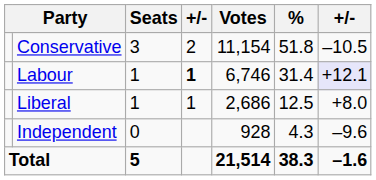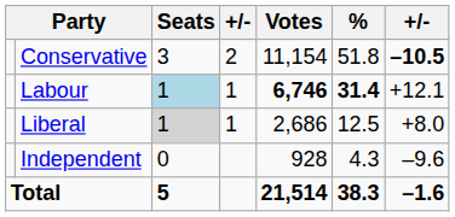 <table class="wikitable sortable">
 <tr>
 <th colspan="2">Party</th>
 <th>Seats</th>
 <th>+/-</th>
 <th>Votes</th>
 <th>%</th>
 <th>+/-</th>
 </tr>
 <tr>
 <td style="background-color: "></td>
 <td><a href='#'>Conservative</a></td>
 <td>3</td>
 <td> 2</td>
 <td style="text-align:right;">11,154</td>
 <td style="text-align:right;">51.8</td>
-<td style="text-align:right;">–10.5</td>
+<td style="text-align:right;"><strong>–10.5</strong></td>
 </tr>
 <tr>
 <td style="background-color: "></td>
 <td><a href='#'>Labour</a></td>
-<td>1</td>
-<td><strong> 1</strong></td>
-<td style="text-align:right;">6,746</td>
-<td style="text-align:right;">31.4</td>
-<td style="background: lavender; text-align:right;">+12.1</td>
+<td style="background: lightblue;">1</td>
+<td> 1</td>
+<td style="text-align:right;"><strong>6,746</strong></td>
+<td style="text-align:right;"><strong>31.4</strong></td>
+<td style="text-align:right;">+12.1</td>
 </tr>
 <tr>
 <td style="background-color: "></td>
 <td><a href='#'>Liberal</a></td>
-<td>1</td>
+<td style="background: lightgrey;">1</td>
 <td> 1</td>
 <td style="text-align:right;">2,686</td>
 <td style="text-align:right;">12.5</td>
 <td style="text-align:right;">+8.0</td>
 </tr>
 <tr>
 <td style="background-color: "></td>
 <td><a href='#'>Independent</a></td>
 <td>0</td>
 <td></td>
 <td style="text-align:right;">928</td>
 <td style="text-align:right;">4.3</td>
 <td style="text-align:right;">–9.6</td>
 </tr>
 <tr>
 <td colspan="2"><strong>Total</strong></td>
 <td><strong>5</strong></td>
 <td></td>
 <td style="text-align:right;"><strong>21,514</strong></td>
 <td style="text-align:right;"><strong>38.3</strong></td>
 <td style="text-align:right;"><strong>–1.6</strong></td>
 </tr>
 </table>
